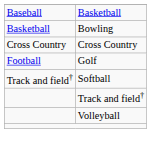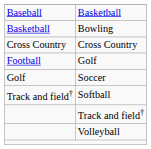 <table class="wikitable">
 <tr>
 </tr>
 <tr>
 <td><a href='#'>Baseball</a></td>
 <td><a href='#'>Basketball</a></td>
 </tr>
 <tr>
 <td><a href='#'>Basketball</a></td>
 <td>Bowling</td>
 </tr>
 <tr>
 <td>Cross Country</td>
 <td>Cross Country</td>
 </tr>
 <tr>
 <td><a href='#'>Football</a></td>
 <td>Golf</td>
 </tr>
 <tr>
+<td>Golf</td>
+<td>Soccer</td>
+</tr>
+<tr>
 <td>Track and field<sup>†</sup></td>
 <td>Softball</td>
 </tr>
 <tr>
 <td></td>
 <td>Track and field<sup>†</sup></td>
 </tr>
 <tr>
 <td></td>
 <td>Volleyball</td>
 </tr>
 <tr>
 <td colspan="2"></td>
 </tr>
 </table>
